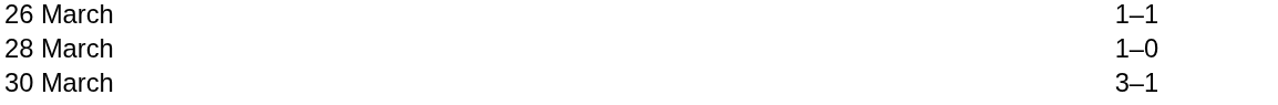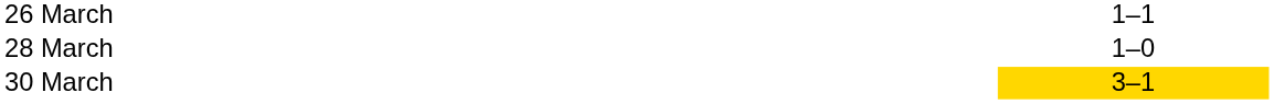 <table cellspacing=1 width=70%>
 <tr>
 <th width=25%></th>
 <th width=30%></th>
 <th width=15%></th>
 <th width=30%></th>
 </tr>
 <tr>
 <td>26 March</td>
 <td align=right></td>
 <td align=center>1–1</td>
 <td></td>
 </tr>
 <tr>
 <td>28 March</td>
 <td align=right></td>
 <td align=center>1–0</td>
 <td></td>
 </tr>
 <tr>
 <td>30 March</td>
 <td align=right></td>
-<td align=center>3–1</td>
+<td align=center style="background: gold;">3–1</td>
 <td></td>
 </tr>
 </table>
